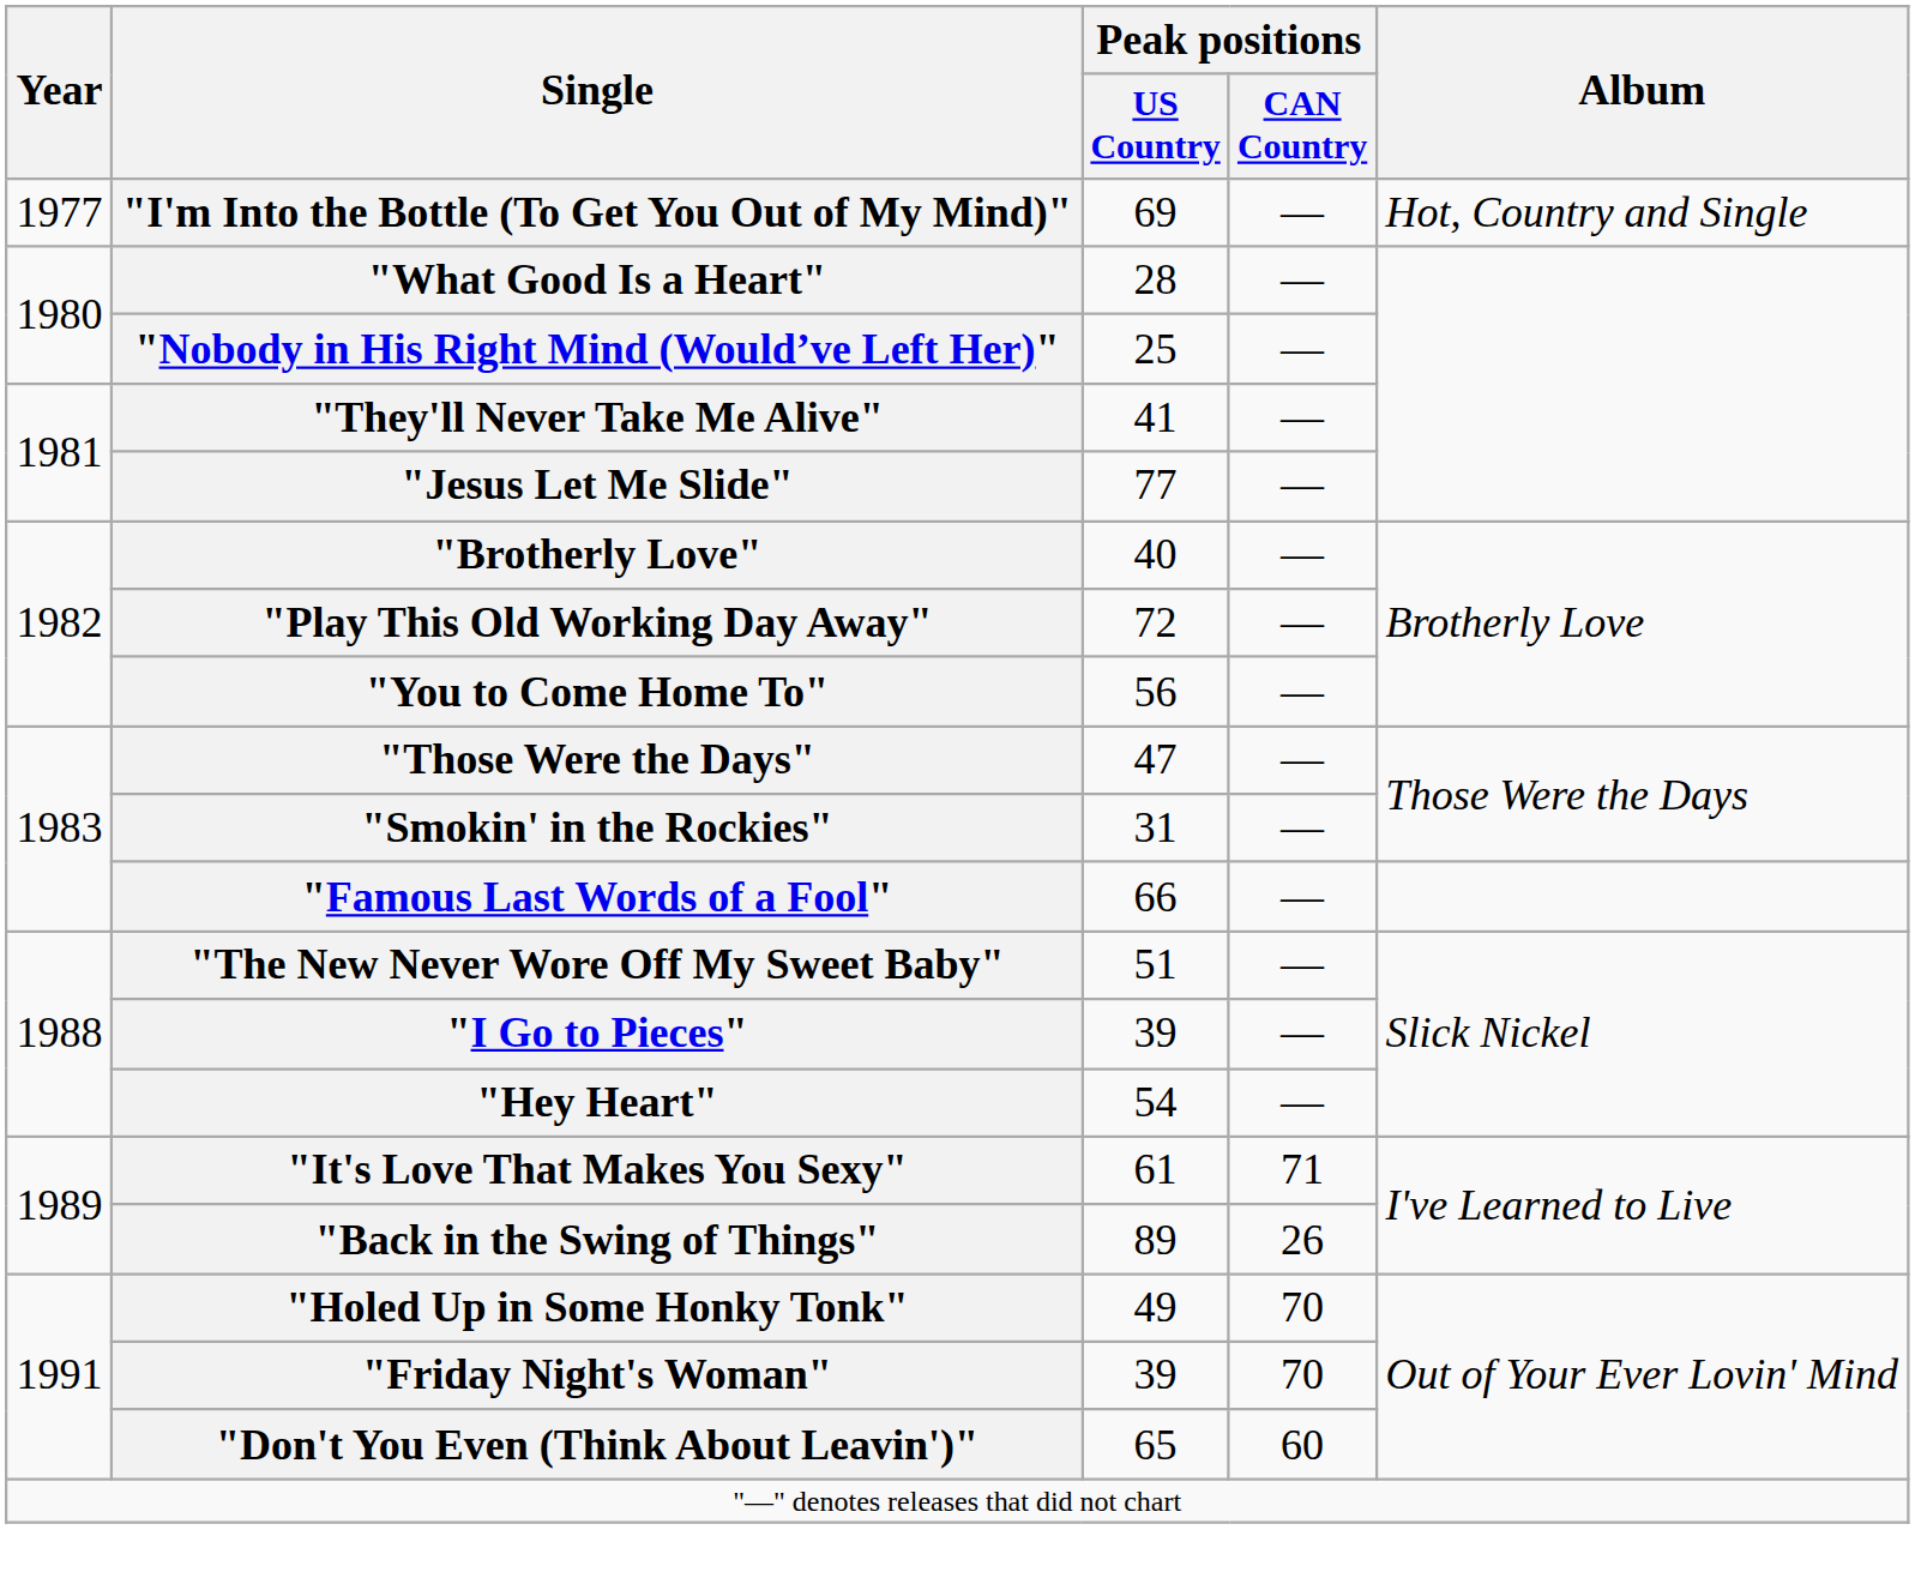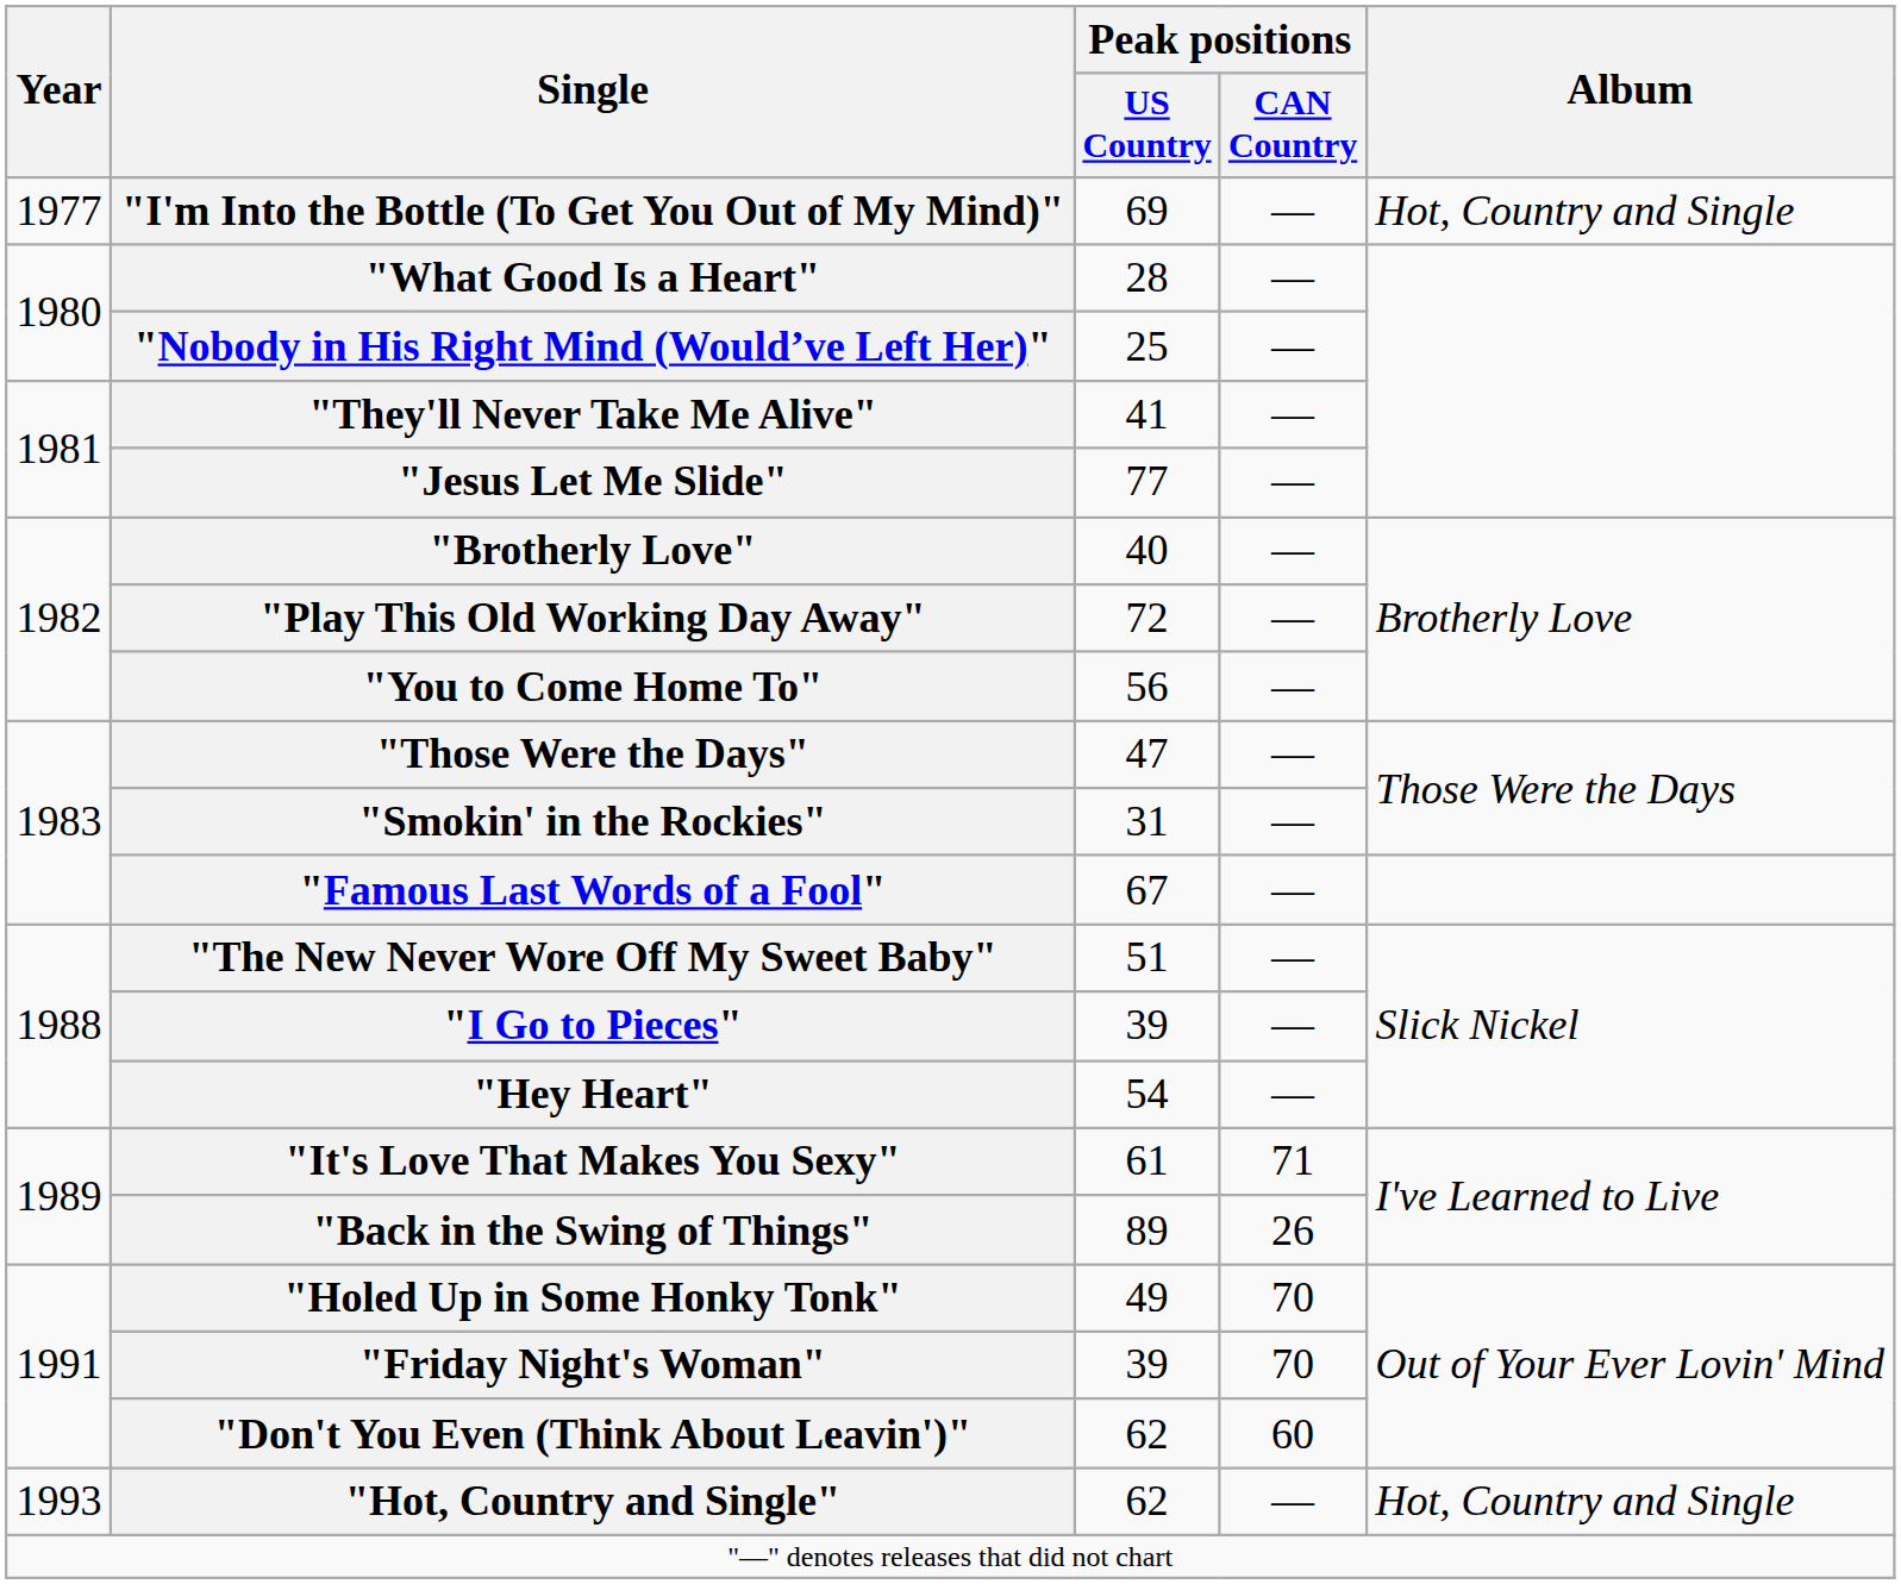 <table class="wikitable plainrowheaders" style="text-align:center;">
 <tr>
 <th rowspan="2">Year</th>
 <th rowspan="2" style="width:22em;">Single</th>
 <th colspan="2">Peak positions</th>
 <th rowspan="2">Album</th>
 </tr>
 <tr style="font-size:smaller;">
 <th style="width:40px;"><a href='#'>US Country</a><br></th>
 <th style="width:40px;"><a href='#'>CAN Country</a><br></th>
 </tr>
 <tr>
 <td>1977</td>
 <th scope="row">"I'm Into the Bottle (To Get You Out of My Mind)"</th>
 <td>69</td>
 <td>—</td>
 <td style="text-align:left;"><em>Hot, Country and Single</em></td>
 </tr>
 <tr>
 <td rowspan="2">1980</td>
 <th scope="row">"What Good Is a Heart"</th>
 <td>28</td>
 <td>—</td>
 </tr>
 <tr>
 <th scope="row">"<a href='#'>Nobody in His Right Mind (Would’ve Left Her)</a>"</th>
 <td>25</td>
 <td>—</td>
 </tr>
 <tr>
 <td rowspan="2">1981</td>
 <th scope="row">"They'll Never Take Me Alive"</th>
 <td>41</td>
 <td>—</td>
 </tr>
 <tr>
 <th scope="row">"Jesus Let Me Slide"</th>
 <td>77</td>
 <td>—</td>
 </tr>
 <tr>
 <td rowspan="3">1982</td>
 <th scope="row">"Brotherly Love" </th>
 <td>40</td>
 <td>—</td>
 <td style="text-align:left;" rowspan="3"><em>Brotherly Love</em></td>
 </tr>
 <tr>
 <th scope="row">"Play This Old Working Day Away"</th>
 <td>72</td>
 <td>—</td>
 </tr>
 <tr>
 <th scope="row">"You to Come Home To"</th>
 <td>56</td>
 <td>—</td>
 </tr>
 <tr>
 <td rowspan="3">1983</td>
 <th scope="row">"Those Were the Days" </th>
 <td>47</td>
 <td>—</td>
 <td style="text-align:left;" rowspan="2"><em>Those Were the Days</em></td>
 </tr>
 <tr>
 <th scope="row">"Smokin' in the Rockies" </th>
 <td>31</td>
 <td>—</td>
 </tr>
 <tr>
 <th scope="row">"<a href='#'>Famous Last Words of a Fool</a>"</th>
-<td>66</td>
+<td>67</td>
 <td>—</td>
 <td></td>
 </tr>
 <tr>
 <td rowspan="3">1988</td>
 <th scope="row">"The New Never Wore Off My Sweet Baby"</th>
 <td>51</td>
 <td>—</td>
 <td style="text-align:left;" rowspan="3"><em>Slick Nickel</em></td>
 </tr>
 <tr>
 <th scope="row">"<a href='#'>I Go to Pieces</a>"</th>
 <td>39</td>
 <td>—</td>
 </tr>
 <tr>
 <th scope="row">"Hey Heart"</th>
 <td>54</td>
 <td>—</td>
 </tr>
 <tr>
 <td rowspan="2">1989</td>
 <th scope="row">"It's Love That Makes You Sexy"</th>
 <td>61</td>
 <td>71</td>
 <td style="text-align:left;" rowspan="2"><em>I've Learned to Live</em></td>
 </tr>
 <tr>
 <th scope="row">"Back in the Swing of Things"</th>
 <td>89</td>
 <td>26</td>
 </tr>
 <tr>
 <td rowspan="3">1991</td>
 <th scope="row">"Holed Up in Some Honky Tonk"</th>
 <td>49</td>
 <td>70</td>
 <td style="text-align:left;" rowspan="3"><em>Out of Your Ever Lovin' Mind</em></td>
 </tr>
 <tr>
 <th scope="row">"Friday Night's Woman"</th>
 <td>39</td>
 <td>70</td>
 </tr>
 <tr>
 <th scope="row">"Don't You Even (Think About Leavin')"</th>
-<td>65</td>
+<td>62</td>
 <td>60</td>
+</tr>
+<tr>
+<td>1993</td>
+<th scope="row">"Hot, Country and Single"</th>
+<td>62</td>
+<td>—</td>
+<td style="text-align:left;"><em>Hot, Country and Single</em></td>
 </tr>
 <tr>
 <td colspan="5" style="font-size:8pt">"—" denotes releases that did not chart</td>
 </tr>
 </table>
